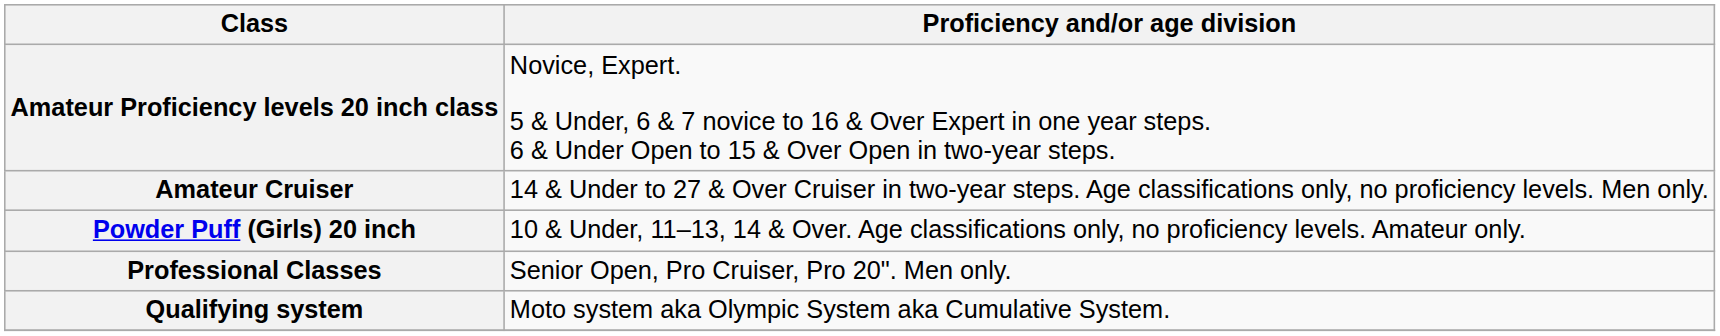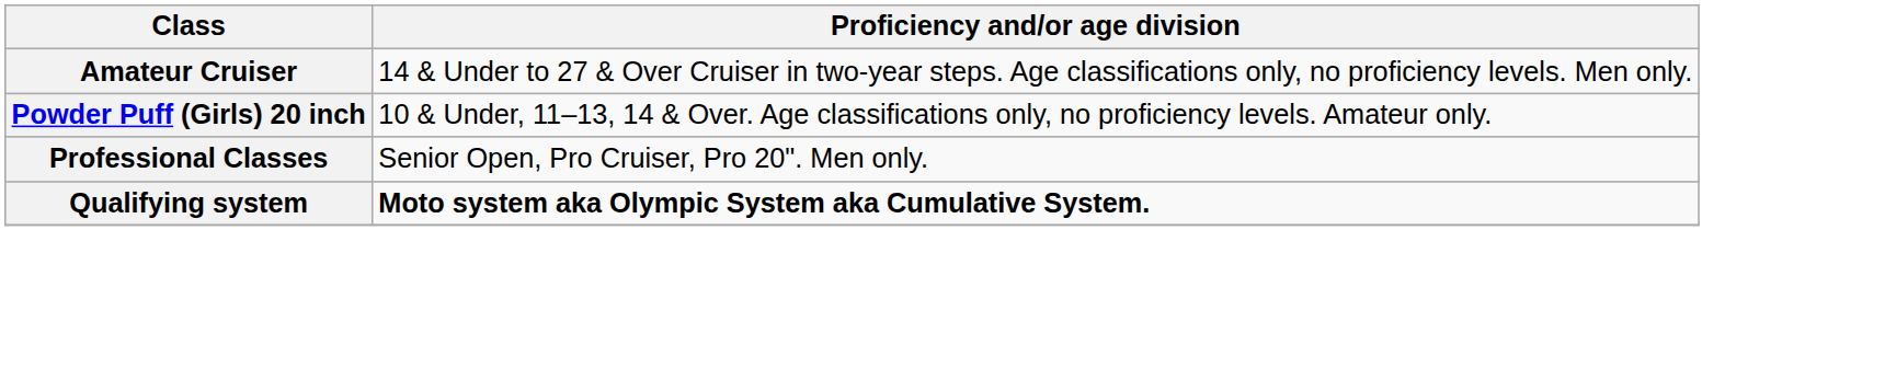 <table class="wikitable">
 <tr>
 <th>Class</th>
 <th>Proficiency and/or age division</th>
-</tr>
-<tr>
-<th>Amateur Proficiency levels 20 inch class</th>
-<td>Novice, Expert.<br><br>5 & Under, 6 & 7 novice to 16 & Over Expert in one year steps.<br> 6 & Under Open to 15 & Over Open in two-year steps.</td>
 </tr>
 <tr>
 <th>Amateur Cruiser</th>
 <td>14 & Under to 27 & Over Cruiser in two-year steps. Age classifications only, no proficiency levels. Men only.</td>
 </tr>
 <tr>
 <th><a href='#'>Powder Puff</a> (Girls) 20 inch</th>
 <td>10 & Under, 11–13, 14 & Over. Age classifications only, no proficiency levels. Amateur only.</td>
 </tr>
 <tr>
 <th>Professional Classes</th>
 <td>Senior Open, Pro Cruiser, Pro 20". Men only.</td>
 </tr>
 <tr>
 <th>Qualifying system</th>
-<td>Moto system aka Olympic System aka Cumulative System.</td>
+<td><strong>Moto system aka Olympic System aka Cumulative System.</strong></td>
 </tr>
 <tr>
 </tr>
 </table>
